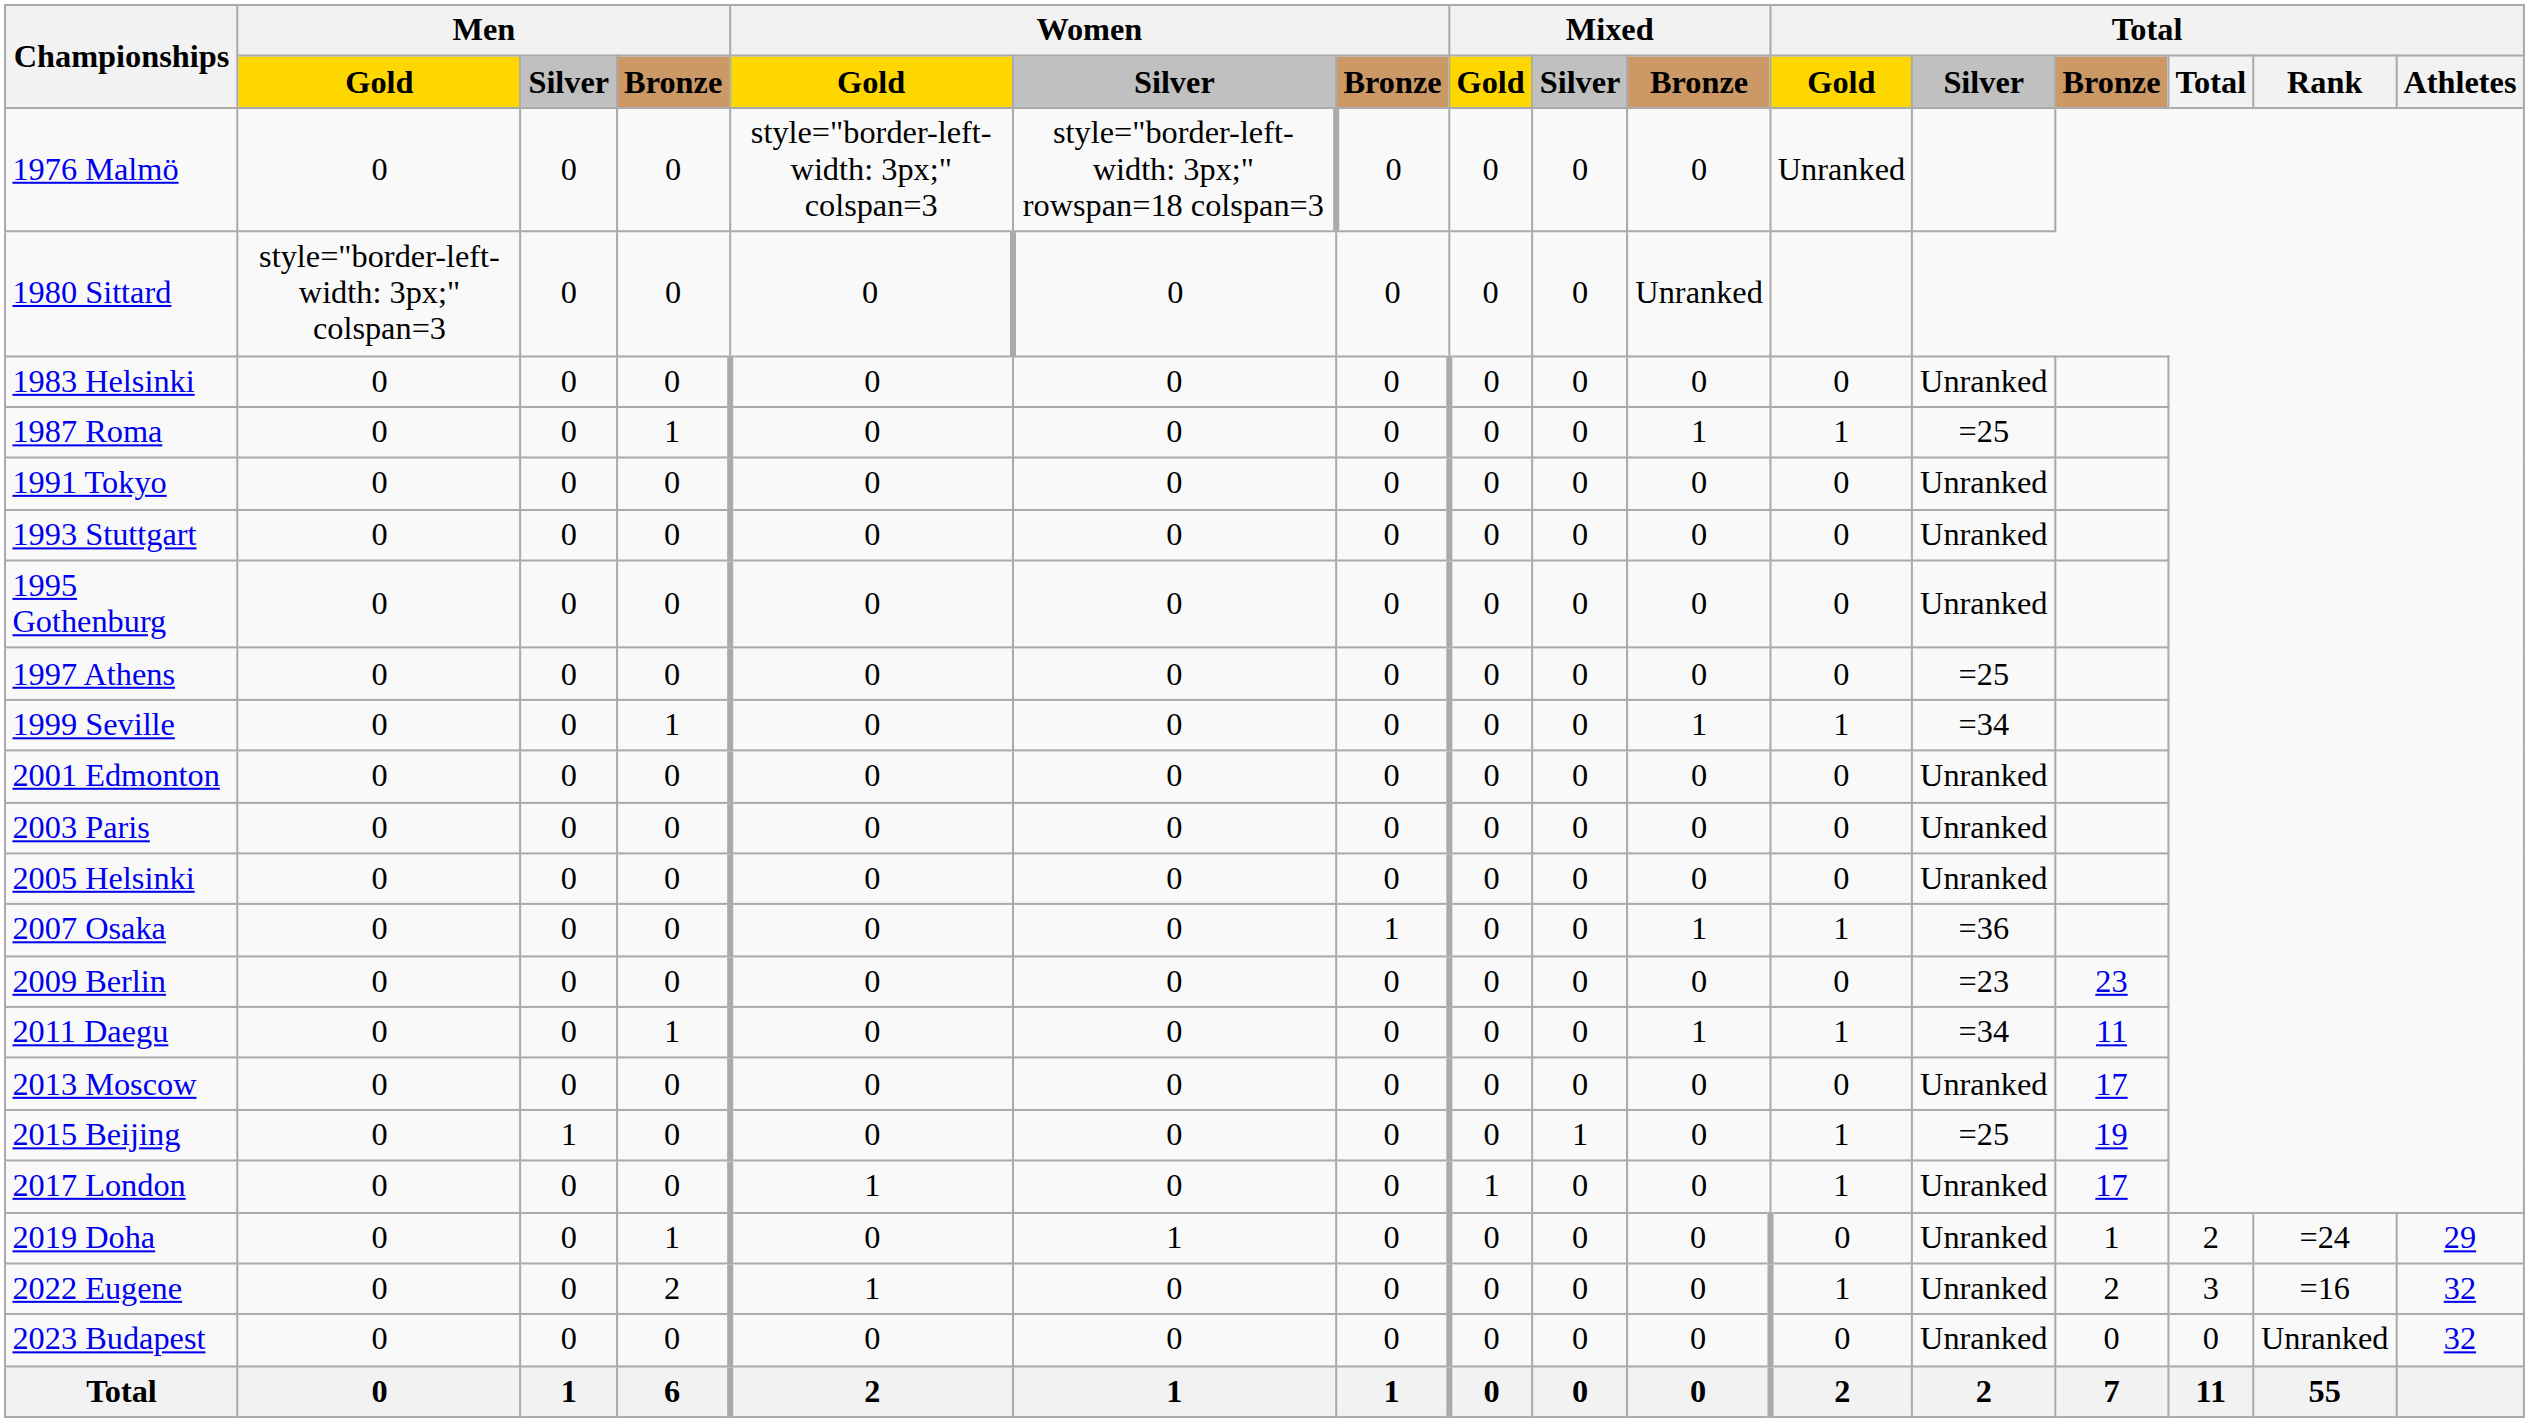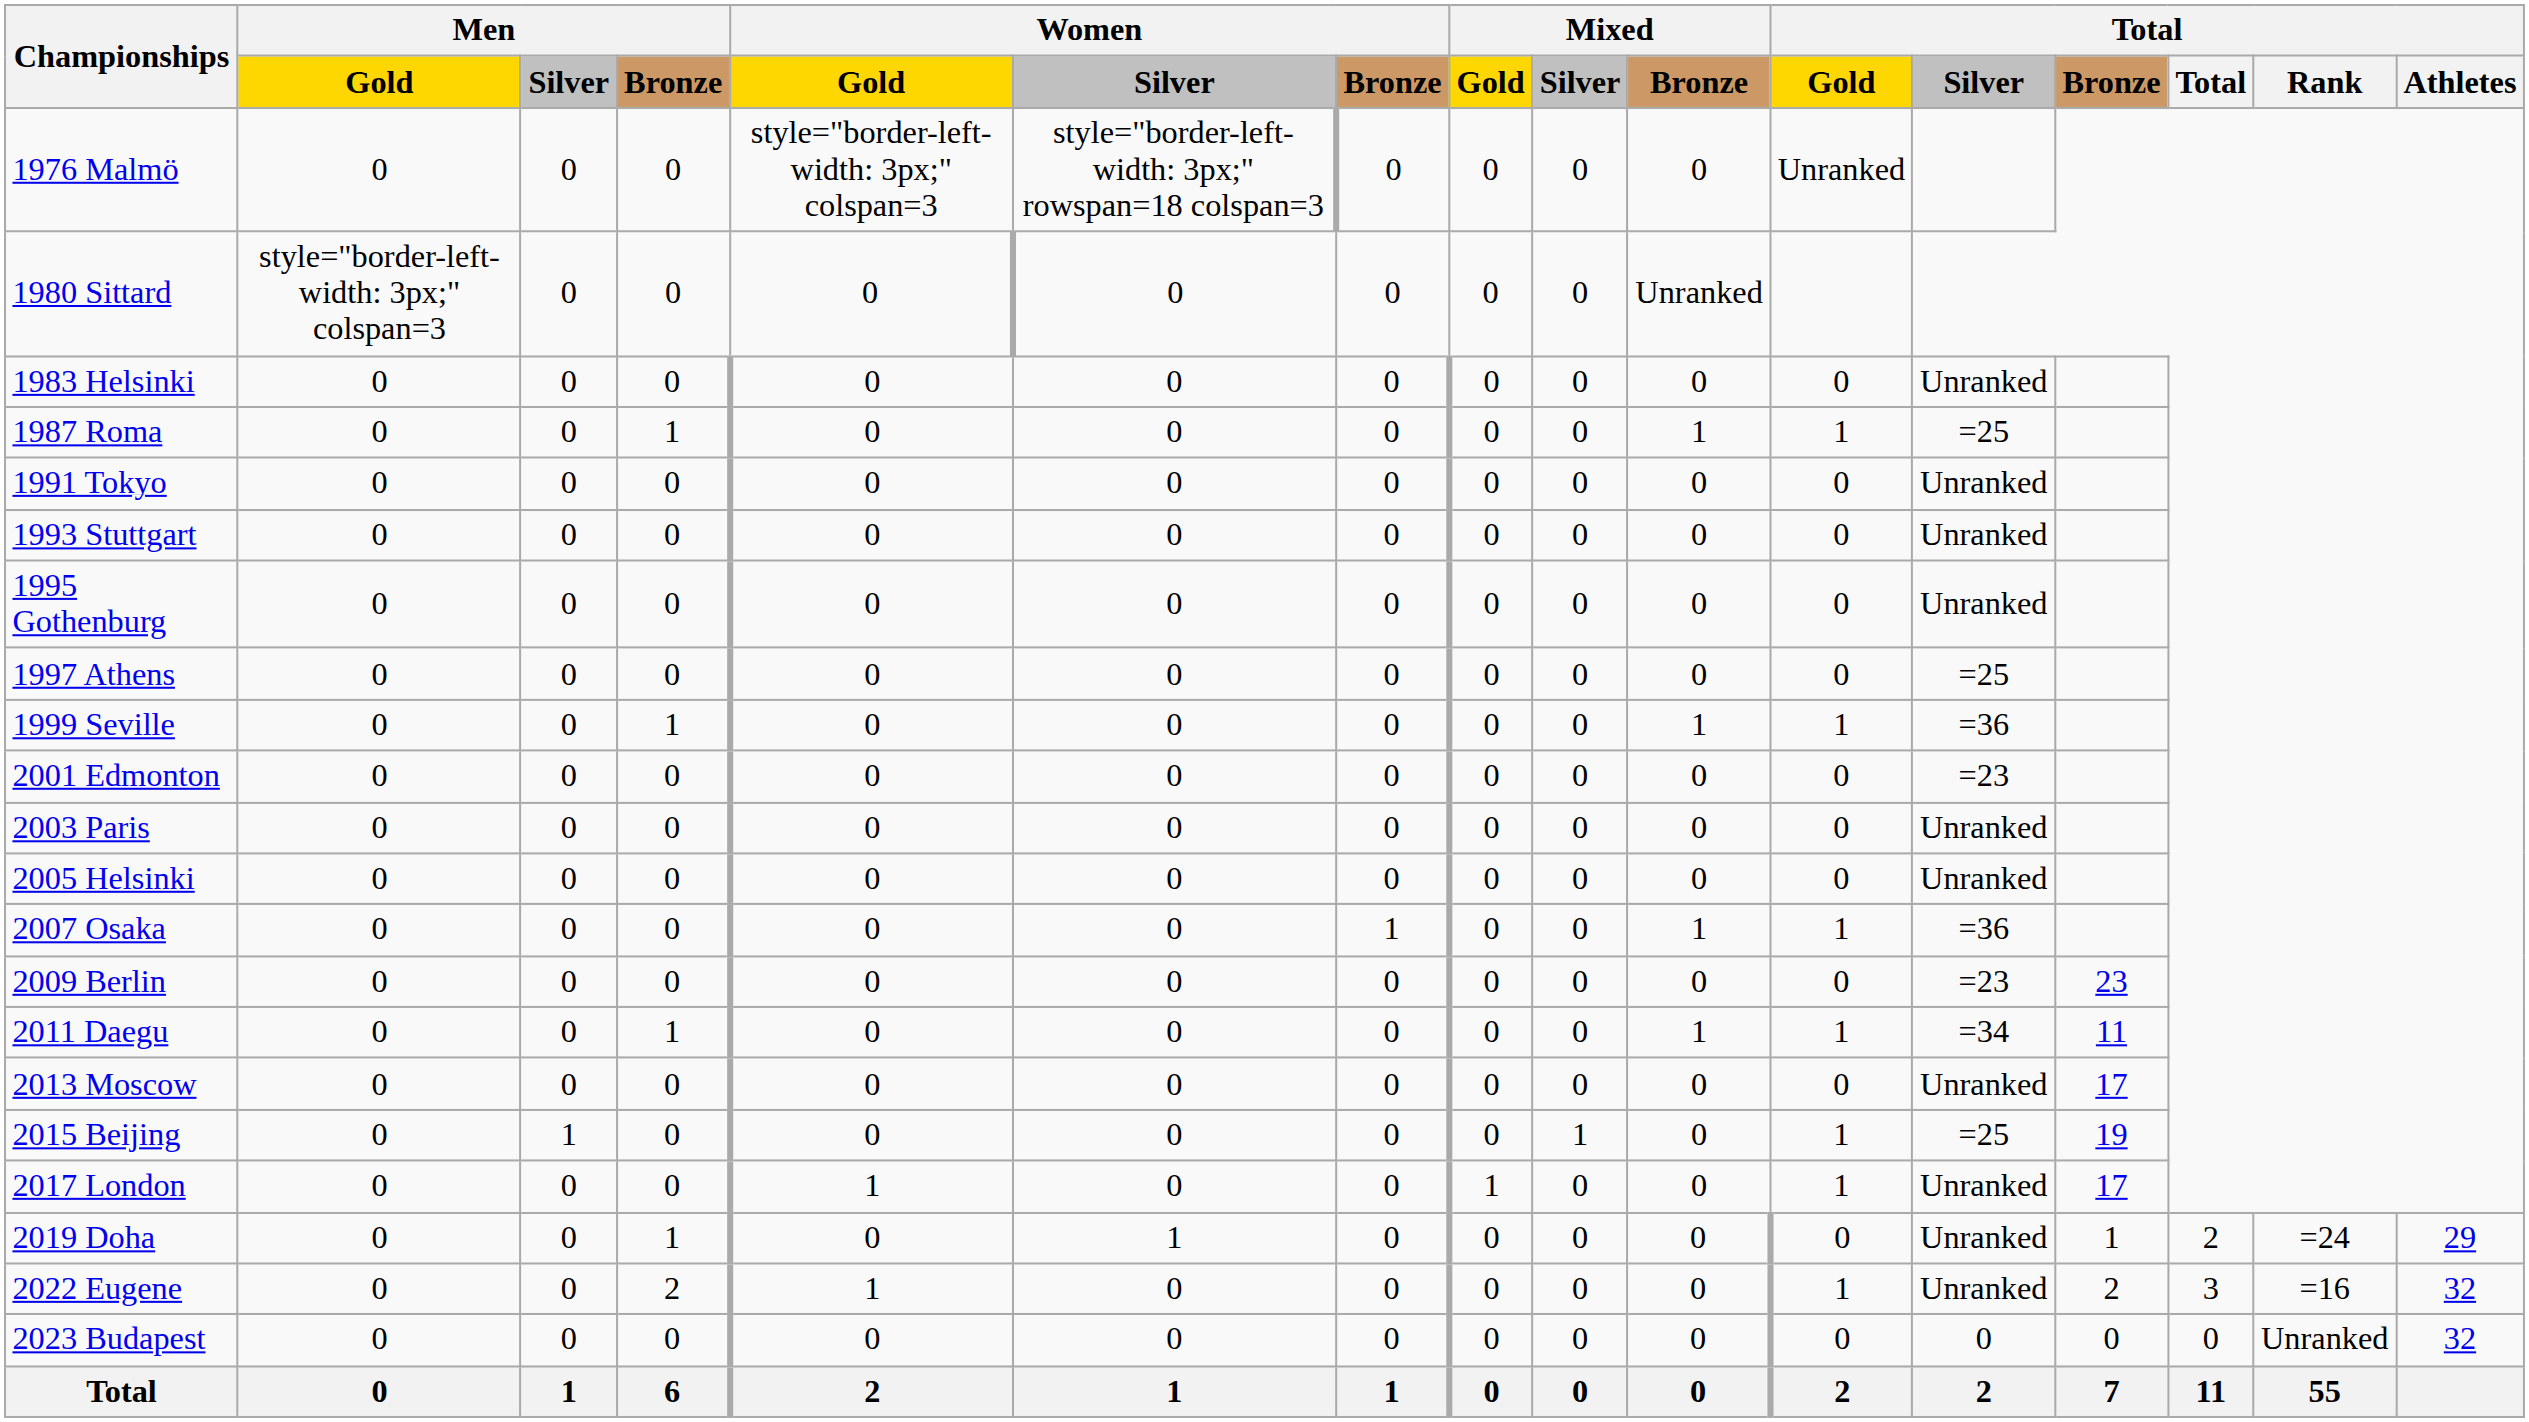 <table class="wikitable" style="text-align:center">
 <tr>
 <th rowspan="2">Championships</th>
 <th colspan="3">Men</th>
 <th colspan="3">Women</th>
 <th colspan="3">Mixed</th>
 <th colspan="6">Total</th>
 </tr>
 <tr>
 <th style="background-color: gold;">Gold</th>
 <th style="background-color: silver;">Silver</th>
 <th style="background-color: #cc9966;">Bronze</th>
 <th style="background-color: gold;">Gold</th>
 <th style="background-color: silver;">Silver</th>
 <th style="background-color: #cc9966;">Bronze</th>
 <th style="background-color: gold;">Gold</th>
 <th style="background-color: silver;">Silver</th>
 <th style="background-color: #cc9966;">Bronze</th>
 <th style="background-color: gold;">Gold</th>
 <th style="background-color: silver;">Silver</th>
 <th style="background-color: #cc9966;">Bronze</th>
 <th>Total</th>
 <th>Rank</th>
 <th>Athletes</th>
 </tr>
 <tr>
 <td align="left"><a href='#'>1976 Malmö</a></td>
 <td>0</td>
 <td>0</td>
 <td>0</td>
 <td>style="border-left-width: 3px;" colspan=3 </td>
 <td>style="border-left-width: 3px;" rowspan=18 colspan=3 </td>
 <td style="border-left-width: 3px;">0</td>
 <td>0</td>
 <td>0</td>
 <td>0</td>
 <td>Unranked</td>
 <td></td>
 </tr>
 <tr>
 <td align="left"><a href='#'>1980 Sittard</a></td>
 <td>style="border-left-width: 3px;" colspan=3 </td>
 <td>0</td>
 <td>0</td>
 <td>0</td>
 <td style="border-left-width: 3px;">0</td>
 <td>0</td>
 <td>0</td>
 <td>0</td>
 <td>Unranked</td>
 <td></td>
 </tr>
 <tr>
 <td align="left"><a href='#'>1983 Helsinki</a></td>
 <td>0</td>
 <td>0</td>
 <td>0</td>
 <td style="border-left-width: 3px;">0</td>
 <td>0</td>
 <td>0</td>
 <td style="border-left-width: 3px;">0</td>
 <td>0</td>
 <td>0</td>
 <td>0</td>
 <td>Unranked</td>
 <td></td>
 </tr>
 <tr>
 <td align="left"><a href='#'>1987 Roma</a></td>
 <td>0</td>
 <td>0</td>
 <td>1</td>
 <td style="border-left-width: 3px;">0</td>
 <td>0</td>
 <td>0</td>
 <td style="border-left-width: 3px;">0</td>
 <td>0</td>
 <td>1</td>
 <td>1</td>
 <td>=25</td>
 <td></td>
 </tr>
 <tr>
 <td align="left"><a href='#'>1991 Tokyo</a></td>
 <td>0</td>
 <td>0</td>
 <td>0</td>
 <td style="border-left-width: 3px;">0</td>
 <td>0</td>
 <td>0</td>
 <td style="border-left-width: 3px;">0</td>
 <td>0</td>
 <td>0</td>
 <td>0</td>
 <td>Unranked</td>
 <td></td>
 </tr>
 <tr>
 <td align="left"><a href='#'>1993 Stuttgart</a></td>
 <td>0</td>
 <td>0</td>
 <td>0</td>
 <td style="border-left-width: 3px;">0</td>
 <td>0</td>
 <td>0</td>
 <td style="border-left-width: 3px;">0</td>
 <td>0</td>
 <td>0</td>
 <td>0</td>
 <td>Unranked</td>
 <td></td>
 </tr>
 <tr>
 <td align="left"><a href='#'>1995 Gothenburg</a></td>
 <td>0</td>
 <td>0</td>
 <td>0</td>
 <td style="border-left-width: 3px;">0</td>
 <td>0</td>
 <td>0</td>
 <td style="border-left-width: 3px;">0</td>
 <td>0</td>
 <td>0</td>
 <td>0</td>
 <td>Unranked</td>
 <td></td>
 </tr>
 <tr>
 <td align="left"><a href='#'>1997 Athens</a></td>
 <td>0</td>
 <td>0</td>
 <td>0</td>
 <td style="border-left-width: 3px;">0</td>
 <td>0</td>
 <td>0</td>
 <td style="border-left-width: 3px;">0</td>
 <td>0</td>
 <td>0</td>
 <td>0</td>
 <td>=25</td>
 <td></td>
 </tr>
 <tr>
 <td align="left"><a href='#'>1999 Seville</a></td>
 <td>0</td>
 <td>0</td>
 <td>1</td>
 <td style="border-left-width: 3px;">0</td>
 <td>0</td>
 <td>0</td>
 <td style="border-left-width: 3px;">0</td>
 <td>0</td>
 <td>1</td>
 <td>1</td>
-<td>=34</td>
+<td>=36</td>
 <td></td>
 </tr>
 <tr>
 <td align="left"><a href='#'>2001 Edmonton</a></td>
 <td>0</td>
 <td>0</td>
 <td>0</td>
 <td style="border-left-width: 3px;">0</td>
 <td>0</td>
 <td>0</td>
 <td style="border-left-width: 3px;">0</td>
 <td>0</td>
 <td>0</td>
 <td>0</td>
-<td>Unranked</td>
+<td>=23</td>
 <td></td>
 </tr>
 <tr>
 <td align="left"><a href='#'>2003 Paris</a></td>
 <td>0</td>
 <td>0</td>
 <td>0</td>
 <td style="border-left-width: 3px;">0</td>
 <td>0</td>
 <td>0</td>
 <td style="border-left-width: 3px;">0</td>
 <td>0</td>
 <td>0</td>
 <td>0</td>
 <td>Unranked</td>
 <td></td>
 </tr>
 <tr>
 <td align="left"><a href='#'>2005 Helsinki</a></td>
 <td>0</td>
 <td>0</td>
 <td>0</td>
 <td style="border-left-width: 3px;">0</td>
 <td>0</td>
 <td>0</td>
 <td style="border-left-width: 3px;">0</td>
 <td>0</td>
 <td>0</td>
 <td>0</td>
 <td>Unranked</td>
 <td></td>
 </tr>
 <tr>
 <td align="left"><a href='#'>2007 Osaka</a></td>
 <td>0</td>
 <td>0</td>
 <td>0</td>
 <td style="border-left-width: 3px;">0</td>
 <td>0</td>
 <td>1</td>
 <td style="border-left-width: 3px;">0</td>
 <td>0</td>
 <td>1</td>
 <td>1</td>
 <td>=36</td>
 <td></td>
 </tr>
 <tr>
 <td align="left"><a href='#'>2009 Berlin</a></td>
 <td>0</td>
 <td>0</td>
 <td>0</td>
 <td style="border-left-width: 3px;">0</td>
 <td>0</td>
 <td>0</td>
 <td style="border-left-width: 3px;">0</td>
 <td>0</td>
 <td>0</td>
 <td>0</td>
 <td>=23</td>
 <td><a href='#'>23</a></td>
 </tr>
 <tr>
 <td align="left"><a href='#'>2011 Daegu</a></td>
 <td>0</td>
 <td>0</td>
 <td>1</td>
 <td style="border-left-width: 3px;">0</td>
 <td>0</td>
 <td>0</td>
 <td style="border-left-width: 3px;">0</td>
 <td>0</td>
 <td>1</td>
 <td>1</td>
 <td>=34</td>
 <td><a href='#'>11</a></td>
 </tr>
 <tr>
 <td align="left"><a href='#'>2013 Moscow</a></td>
 <td>0</td>
 <td>0</td>
 <td>0</td>
 <td style="border-left-width: 3px;">0</td>
 <td>0</td>
 <td>0</td>
 <td style="border-left-width: 3px;">0</td>
 <td>0</td>
 <td>0</td>
 <td>0</td>
 <td>Unranked</td>
 <td><a href='#'>17</a></td>
 </tr>
 <tr>
 <td align="left"><a href='#'>2015 Beijing</a></td>
 <td>0</td>
 <td>1</td>
 <td>0</td>
 <td style="border-left-width: 3px;">0</td>
 <td>0</td>
 <td>0</td>
 <td style="border-left-width: 3px;">0</td>
 <td>1</td>
 <td>0</td>
 <td>1</td>
 <td>=25</td>
 <td><a href='#'>19</a></td>
 </tr>
 <tr>
 <td align="left"><a href='#'>2017 London</a></td>
 <td>0</td>
 <td>0</td>
 <td>0</td>
 <td style="border-left-width: 3px;">1</td>
 <td>0</td>
 <td>0</td>
 <td style="border-left-width: 3px;">1</td>
 <td>0</td>
 <td>0</td>
 <td>1</td>
 <td>Unranked</td>
 <td><a href='#'>17</a></td>
 </tr>
 <tr>
 <td align="left"><a href='#'>2019 Doha</a></td>
 <td>0</td>
 <td>0</td>
 <td>1</td>
 <td style="border-left-width: 3px;">0</td>
 <td>1</td>
 <td>0</td>
 <td style="border-left-width: 3px;">0</td>
 <td>0</td>
 <td>0</td>
 <td style="border-left-width: 3px;">0</td>
 <td>Unranked</td>
 <td>1</td>
 <td>2</td>
 <td>=24</td>
 <td><a href='#'>29</a></td>
 </tr>
 <tr>
 <td align="left"><a href='#'>2022 Eugene</a></td>
 <td>0</td>
 <td>0</td>
 <td>2</td>
 <td style="border-left-width: 3px;">1</td>
 <td>0</td>
 <td>0</td>
 <td style="border-left-width: 3px;">0</td>
 <td>0</td>
 <td>0</td>
 <td style="border-left-width: 3px;">1</td>
 <td>Unranked</td>
 <td>2</td>
 <td>3</td>
 <td>=16</td>
 <td><a href='#'>32</a></td>
 </tr>
 <tr>
 <td align="left"><a href='#'>2023 Budapest</a></td>
 <td>0</td>
 <td>0</td>
 <td>0</td>
 <td style="border-left-width:3px;">0</td>
 <td>0</td>
 <td>0</td>
 <td style="border-left-width:3px;">0</td>
 <td>0</td>
 <td>0</td>
 <td style="border-left-width:3px;">0</td>
-<td>Unranked</td>
+<td>0</td>
 <td>0</td>
 <td>0</td>
 <td>Unranked</td>
 <td><a href='#'>32</a></td>
 </tr>
 <tr>
 <th align="left"><strong>Total</strong></th>
 <th><strong>0</strong></th>
 <th><strong>1</strong></th>
 <th><strong>6</strong></th>
 <th style="border-left-width: 3px;"><strong>2</strong></th>
 <th><strong>1</strong></th>
 <th><strong>1</strong></th>
 <th style="border-left-width: 3px;"><strong>0</strong></th>
 <th><strong>0</strong></th>
 <th><strong>0</strong></th>
 <th style="border-left-width: 3px;"><strong>2</strong></th>
 <th><strong>2</strong></th>
 <th><strong>7</strong></th>
 <th><strong>11</strong></th>
 <th><strong>55</strong></th>
 <th></th>
 </tr>
 </table>
